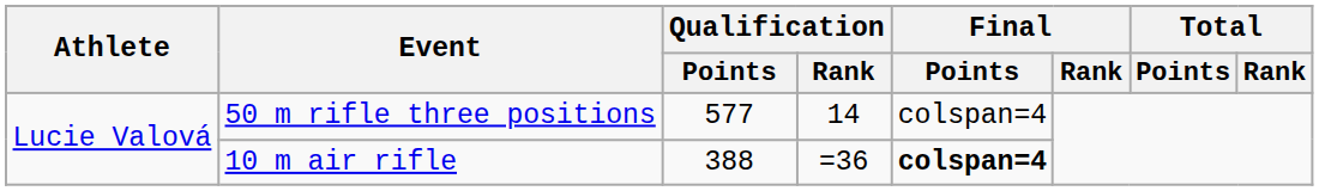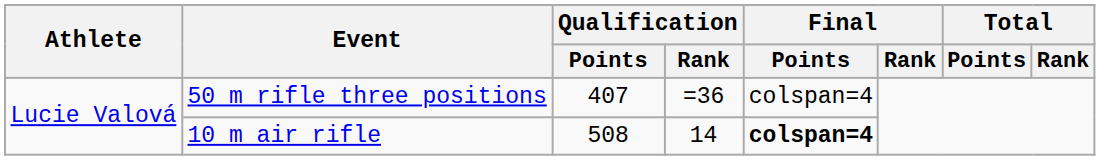 <table class=wikitable style=font-size:90%;text-align:center>
 <tr>
 <th rowspan=2>Athlete</th>
 <th rowspan=2>Event</th>
 <th colspan=2>Qualification</th>
 <th colspan=2>Final</th>
 <th colspan=2>Total</th>
 </tr>
 <tr style=font-size:95%>
 <th>Points</th>
 <th>Rank</th>
 <th>Points</th>
 <th>Rank</th>
 <th>Points</th>
 <th>Rank</th>
 </tr>
 <tr>
 <td align=left rowspan=2><a href='#'>Lucie Valová</a></td>
 <td align=left><a href='#'>50 m rifle three positions</a></td>
-<td>577</td>
-<td>14</td>
+<td>407</td>
+<td>=36</td>
 <td>colspan=4 </td>
 </tr>
 <tr>
 <td align=left><a href='#'>10 m air rifle</a></td>
-<td>388</td>
-<td>=36</td>
+<td>508</td>
+<td>14</td>
 <td><strong>colspan=4 </strong></td>
 </tr>
 </table>
